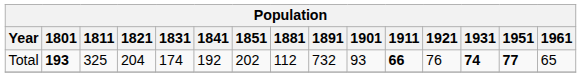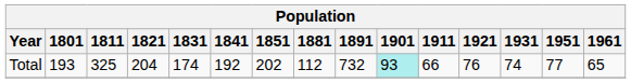 <table class="wikitable" style="margin: 1em auto 1em auto;">
 <tr>
 <th colspan="17">Population</th>
 </tr>
 <tr>
 <th>Year</th>
 <th>1801</th>
 <th>1811</th>
 <th>1821</th>
 <th>1831</th>
 <th>1841</th>
 <th>1851</th>
 <th>1881</th>
 <th>1891</th>
 <th>1901</th>
 <th>1911</th>
 <th>1921</th>
 <th>1931</th>
 <th>1951</th>
 <th>1961</th>
 </tr>
 <tr>
 <td>Total</td>
-<td><strong>193</strong></td>
+<td>193</td>
 <td>325</td>
 <td>204</td>
 <td>174</td>
 <td>192</td>
 <td>202</td>
 <td>112</td>
 <td>732</td>
-<td>93</td>
-<td><strong>66</strong></td>
+<td style="background: paleturquoise;">93</td>
+<td>66</td>
 <td>76</td>
-<td><strong>74</strong></td>
-<td><strong>77</strong></td>
+<td>74</td>
+<td>77</td>
 <td>65</td>
 </tr>
 <tr>
 </tr>
 </table>
